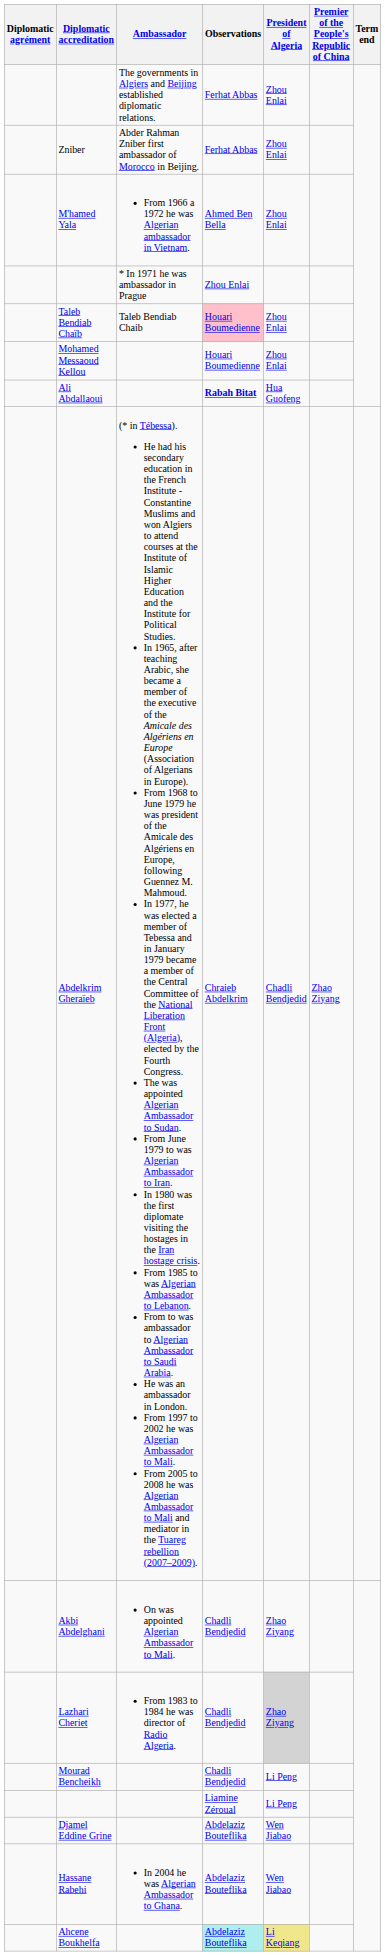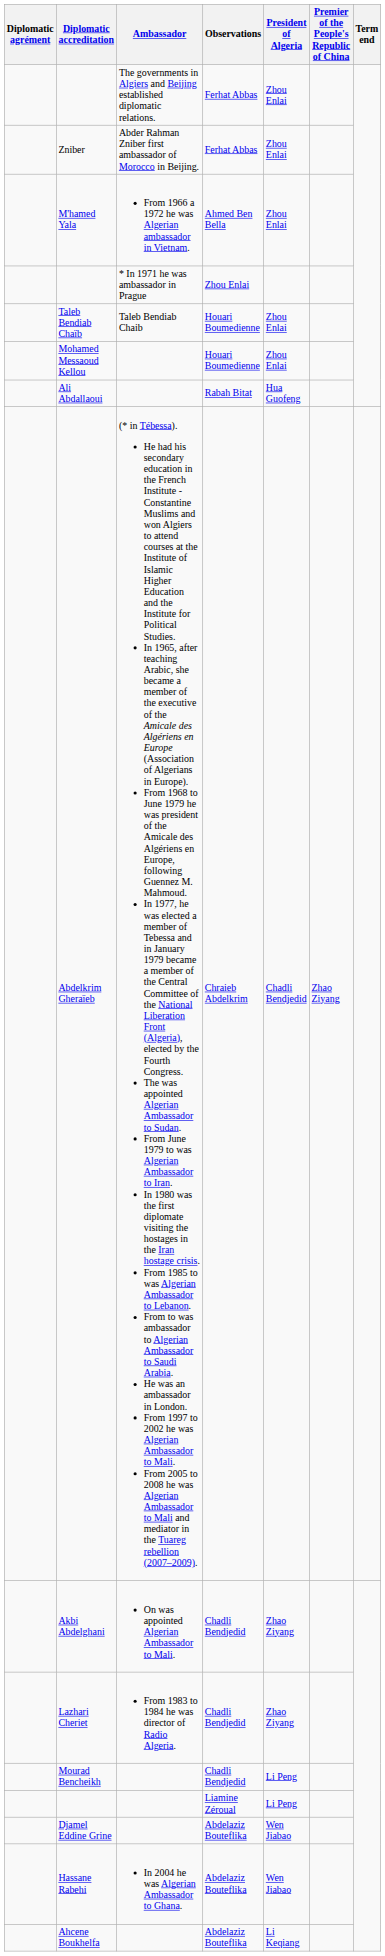 <table class="wikitable sortable">
 <tr>
 <th>Diplomatic <a href='#'>agrément</a></th>
 <th><a href='#'>Diplomatic accreditation</a></th>
 <th><a href='#'>Ambassador</a></th>
 <th>Observations</th>
 <th><a href='#'>President of Algeria</a></th>
 <th><a href='#'>Premier of the People's Republic of China</a></th>
 <th>Term end</th>
 </tr>
 <tr>
 <td></td>
 <td></td>
 <td>The governments in <a href='#'>Algiers</a> and <a href='#'>Beijing</a> established diplomatic relations.<br></td>
 <td><a href='#'>Ferhat Abbas</a></td>
 <td><a href='#'>Zhou Enlai</a></td>
 <td></td>
 </tr>
 <tr>
 <td></td>
 <td>Zniber</td>
 <td>Abder Rahman Zniber first  ambassador of <a href='#'>Morocco</a> in Beijing.</td>
 <td><a href='#'>Ferhat Abbas</a></td>
 <td><a href='#'>Zhou Enlai</a></td>
 <td></td>
 </tr>
 <tr>
 <td></td>
 <td><a href='#'>M'hamed Yala</a></td>
 <td><br><ul><li>From 1966 a 1972 he was <a href='#'>Algerian ambassador in Vietnam</a>.</li></ul></td>
 <td><a href='#'>Ahmed Ben Bella</a></td>
 <td><a href='#'>Zhou Enlai</a></td>
 <td></td>
 </tr>
 <tr>
 <td></td>
 <td></td>
 <td>* In 1971 he was ambassador in Prague</td>
 <td><a href='#'>Zhou Enlai</a></td>
 <td></td>
 <td></td>
 </tr>
 <tr>
 <td></td>
 <td><a href='#'>Taleb Bendiab Chaïb</a></td>
 <td>Taleb Bendiab Chaib</td>
-<td style="background: pink;"><a href='#'>Houari Boumedienne</a></td>
+<td><a href='#'>Houari Boumedienne</a></td>
 <td><a href='#'>Zhou Enlai</a></td>
 <td></td>
 </tr>
 <tr>
 <td></td>
 <td><a href='#'>Mohamed Messaoud Kellou</a></td>
 <td></td>
 <td><a href='#'>Houari Boumedienne</a></td>
 <td><a href='#'>Zhou Enlai</a></td>
 <td></td>
 </tr>
 <tr>
 <td></td>
 <td><a href='#'>Ali Abdallaoui</a></td>
 <td></td>
-<td><strong><a href='#'>Rabah Bitat</a></strong></td>
+<td><a href='#'>Rabah Bitat</a></td>
 <td><a href='#'>Hua Guofeng</a></td>
 <td></td>
 </tr>
 <tr>
 <td></td>
 <td><a href='#'>Abdelkrim Gheraïeb</a></td>
 <td><br>(*  in <a href='#'>Tébessa</a>).<ul><li>He had his secondary education in the French Institute - Constantine Muslims and won Algiers to attend courses at the Institute of Islamic Higher Education and the Institute for Political Studies.</li><li>In 1965, after teaching Arabic, she became a member of the executive of the <em>Amicale des Algériens en Europe</em> (Association of Algerians in Europe).</li><li>From 1968 to June 1979 he was president of the Amicale des Algériens en Europe, following Guennez M. Mahmoud.</li><li>In 1977, he was elected a member of Tebessa and in January 1979 became a member of the Central Committee of the <a href='#'>National Liberation Front (Algeria)</a>, elected by the Fourth Congress.</li><li>The  was appointed <a href='#'>Algerian Ambassador to Sudan</a>.</li><li>From June 1979 to  was <a href='#'>Algerian Ambassador to Iran</a>.</li><li>In 1980 was the first diplomate visiting the hostages in the <a href='#'>Iran hostage crisis</a>.</li><li>From 1985 to  was <a href='#'>Algerian Ambassador to Lebanon</a>.</li><li>From  to  was ambassador to <a href='#'>Algerian Ambassador to Saudi Arabia</a>.</li><li>He was an ambassador in London.</li><li>From 1997 to 2002 he was <a href='#'>Algerian Ambassador to Mali</a>.</li><li>From 2005 to 2008 he was <a href='#'>Algerian Ambassador to Mali</a> and mediator in the <a href='#'>Tuareg rebellion (2007–2009)</a>.</li></ul></td>
 <td><a href='#'>Chraieb Abdelkrim</a></td>
 <td><a href='#'>Chadli Bendjedid</a></td>
 <td><a href='#'>Zhao Ziyang</a></td>
 <td></td>
 </tr>
 <tr>
 <td></td>
 <td><a href='#'>Akbi Abdelghani</a></td>
 <td><br><ul><li>On  was appointed <a href='#'>Algerian Ambassador to Mali</a>.</li></ul></td>
 <td><a href='#'>Chadli Bendjedid</a></td>
 <td><a href='#'>Zhao Ziyang</a></td>
 <td></td>
 </tr>
 <tr>
 <td></td>
 <td><a href='#'>Lazhari Cheriet</a></td>
 <td><br><ul><li>From 1983 to 1984 he was director of <a href='#'>Radio Algeria</a>.</li></ul></td>
 <td><a href='#'>Chadli Bendjedid</a></td>
-<td style="background: lightgrey;"><a href='#'>Zhao Ziyang</a></td>
+<td><a href='#'>Zhao Ziyang</a></td>
 <td></td>
 </tr>
 <tr>
 <td></td>
 <td><a href='#'>Mourad Bencheikh</a></td>
 <td></td>
 <td><a href='#'>Chadli Bendjedid</a></td>
 <td><a href='#'>Li Peng</a></td>
 <td></td>
 </tr>
 <tr>
 <td></td>
 <td></td>
 <td></td>
 <td><a href='#'>Liamine Zéroual</a></td>
 <td><a href='#'>Li Peng</a></td>
 <td></td>
 </tr>
 <tr>
 <td></td>
 <td><a href='#'>Djamel Eddine Grine</a></td>
 <td></td>
 <td><a href='#'>Abdelaziz Bouteflika</a></td>
 <td><a href='#'>Wen Jiabao</a></td>
 <td></td>
 </tr>
 <tr>
 <td></td>
 <td><a href='#'>Hassane Rabehi</a></td>
 <td><br><ul><li>In 2004 he was <a href='#'>Algerian Ambassador to Ghana</a>.</li></ul></td>
 <td><a href='#'>Abdelaziz Bouteflika</a></td>
 <td><a href='#'>Wen Jiabao</a></td>
 <td></td>
 </tr>
 <tr>
 <td></td>
 <td><a href='#'>Ahcene Boukhelfa</a></td>
 <td></td>
-<td style="background: paleturquoise;"><a href='#'>Abdelaziz Bouteflika</a></td>
-<td style="background: khaki;"><a href='#'>Li Keqiang</a></td>
+<td><a href='#'>Abdelaziz Bouteflika</a></td>
+<td><a href='#'>Li Keqiang</a></td>
 <td></td>
 </tr>
 </table>
